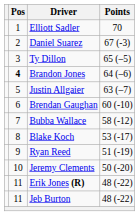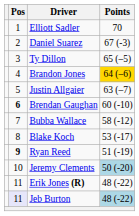 <table class="wikitable" style="font-size: 95%;">
 <tr>
 <th></th>
 <th>Pos</th>
 <th>Driver</th>
 <th>Points</th>
 </tr>
 <tr>
 <td align="left"></td>
 <td style="text-align:center;">1</td>
 <td><a href='#'>Elliott Sadler</a></td>
 <td style="text-align:center;">70</td>
 </tr>
 <tr>
 <td align="left"></td>
 <td style="text-align:center;">2</td>
 <td><a href='#'>Daniel Suarez</a></td>
 <td style="text-align:center;">67 (-3)</td>
 </tr>
 <tr>
 <td align="left"></td>
 <td style="text-align:center;">3</td>
 <td><a href='#'>Ty Dillon</a></td>
 <td style="text-align:center;">65 (–5)</td>
 </tr>
 <tr>
 <td align="left"></td>
-<td style="text-align:center;"><strong>4</strong></td>
+<td style="text-align:center;">4</td>
 <td><a href='#'>Brandon Jones</a></td>
-<td style="text-align:center;">64 (–6)</td>
+<td style="background: gold; text-align:center;">64 (–6)</td>
 </tr>
 <tr>
 <td align="left"></td>
 <td style="text-align:center;">5</td>
 <td><a href='#'>Justin Allgaier</a></td>
 <td style="text-align:center;">63 (–7)</td>
 </tr>
 <tr>
 <td align="left"></td>
-<td style="text-align:center;">6</td>
+<td style="text-align:center;"><strong>6</strong></td>
 <td><a href='#'>Brendan Gaughan</a></td>
 <td style="text-align:center;">60 (-10)</td>
 </tr>
 <tr>
 <td align="left"></td>
 <td style="text-align:center;">7</td>
 <td><a href='#'>Bubba Wallace</a></td>
 <td style="text-align:center;">58 (-12)</td>
 </tr>
 <tr>
 <td align="left"></td>
 <td style="text-align:center;">8</td>
 <td><a href='#'>Blake Koch</a></td>
 <td style="text-align:center;">53 (-17)</td>
 </tr>
 <tr>
 <td align="left"></td>
-<td style="text-align:center;">9</td>
+<td style="text-align:center;"><strong>9</strong></td>
 <td><a href='#'>Ryan Reed</a></td>
 <td style="text-align:center;">51 (-19)</td>
 </tr>
 <tr>
 <td align="left"></td>
 <td style="text-align:center;">10</td>
 <td><a href='#'>Jeremy Clements</a></td>
-<td style="text-align:center;">50 (-20)</td>
+<td style="background: lightblue; text-align:center;">50 (-20)</td>
 </tr>
 <tr>
 <td align="left"></td>
 <td style="text-align:center;">11</td>
 <td><a href='#'>Erik Jones</a> <strong>(R)</strong></td>
 <td style="text-align:center;">48 (-22)</td>
 </tr>
 <tr>
 <td align="left"></td>
-<td style="text-align:center;">11</td>
+<td style="background: lavender; text-align:center;">11</td>
 <td><a href='#'>Jeb Burton</a></td>
-<td style="text-align:center;">48 (-22)</td>
+<td style="background: lightblue; text-align:center;">48 (-22)</td>
 </tr>
 <tr class="sortbottom">
 <th colspan="9"></th>
 </tr>
 </table>
